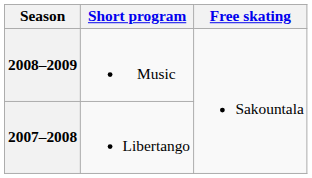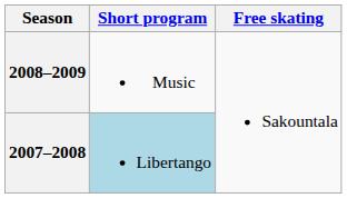 <table class="wikitable" style="text-align:center">
 <tr>
 <th>Season</th>
 <th><a href='#'>Short program</a></th>
 <th><a href='#'>Free skating</a></th>
 </tr>
 <tr>
 <th>2008–2009 <br></th>
 <td><br><ul><li>Music <br></li></ul></td>
 <td rowspan=2><br><ul><li>Sakountala <br></li></ul></td>
 </tr>
 <tr>
 <th>2007–2008 <br></th>
-<td><br><ul><li>Libertango <br></li></ul></td>
+<td style="background: lightblue;"><br><ul><li>Libertango <br></li></ul></td>
 </tr>
 </table>
